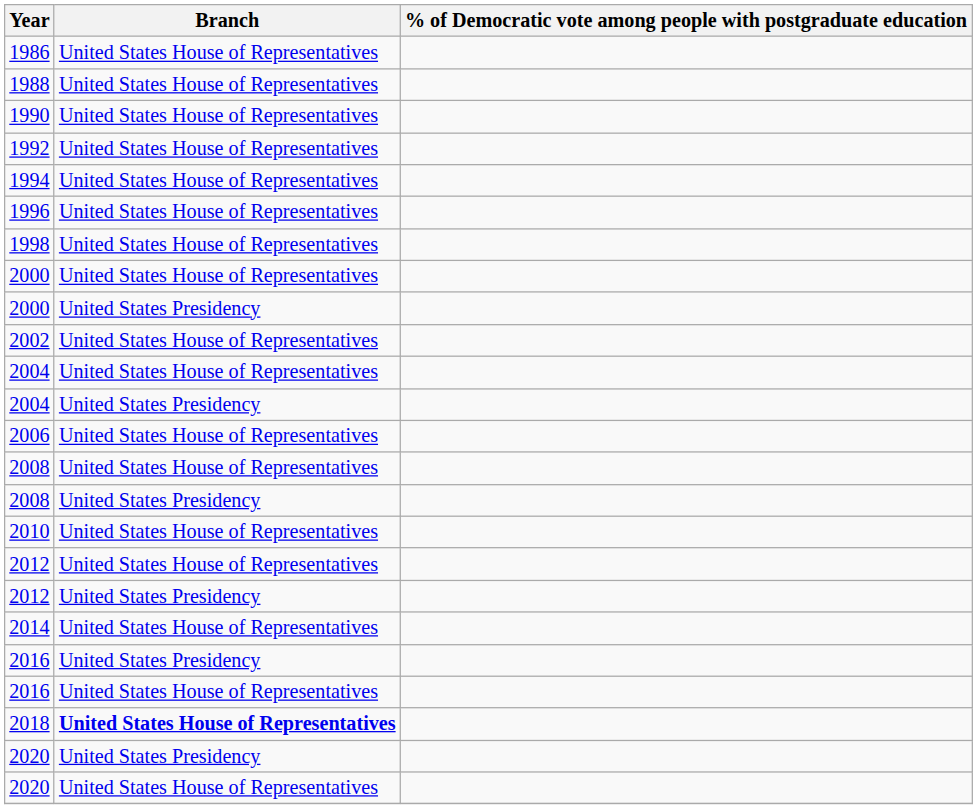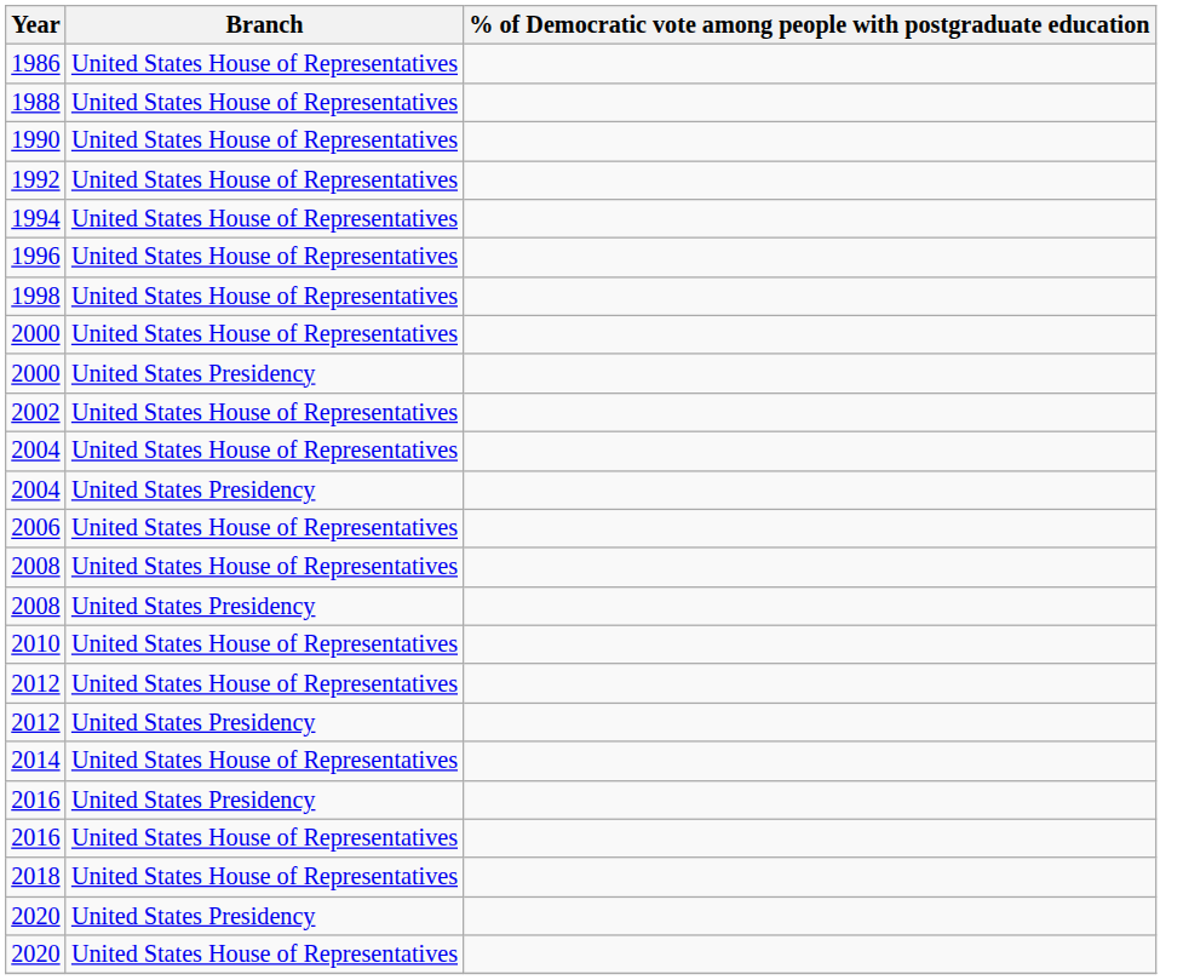 <table class="wikitable sortable collapsible">
 <tr>
 <th>Year</th>
 <th>Branch</th>
 <th colspan="2">% of Democratic vote among people with postgraduate education</th>
 </tr>
 <tr>
 <td><a href='#'>1986</a></td>
 <td><a href='#'>United States House of Representatives</a></td>
 <td align=right></td>
 </tr>
 <tr>
 <td><a href='#'>1988</a></td>
 <td><a href='#'>United States House of Representatives</a></td>
 <td align=right></td>
 </tr>
 <tr>
 <td><a href='#'>1990</a></td>
 <td><a href='#'>United States House of Representatives</a></td>
 <td align=right></td>
 </tr>
 <tr>
 <td><a href='#'>1992</a></td>
 <td><a href='#'>United States House of Representatives</a></td>
 <td align=right></td>
 </tr>
 <tr>
 <td><a href='#'>1994</a></td>
 <td><a href='#'>United States House of Representatives</a></td>
 <td align=right></td>
 </tr>
 <tr>
 <td><a href='#'>1996</a></td>
 <td><a href='#'>United States House of Representatives</a></td>
 <td align=right></td>
 </tr>
 <tr>
 <td><a href='#'>1998</a></td>
 <td><a href='#'>United States House of Representatives</a></td>
 <td align=right></td>
 </tr>
 <tr>
 <td><a href='#'>2000</a></td>
 <td><a href='#'>United States House of Representatives</a></td>
 <td align=right></td>
 </tr>
 <tr>
 <td><a href='#'>2000</a></td>
 <td><a href='#'>United States Presidency</a></td>
 <td align=right></td>
 </tr>
 <tr>
 <td><a href='#'>2002</a></td>
 <td><a href='#'>United States House of Representatives</a></td>
 <td align=right></td>
 </tr>
 <tr>
 <td><a href='#'>2004</a></td>
 <td><a href='#'>United States House of Representatives</a></td>
 <td align=right></td>
 </tr>
 <tr>
 <td><a href='#'>2004</a></td>
 <td><a href='#'>United States Presidency</a></td>
 <td align=right></td>
 </tr>
 <tr>
 <td><a href='#'>2006</a></td>
 <td><a href='#'>United States House of Representatives</a></td>
 <td align=right></td>
 </tr>
 <tr>
 <td><a href='#'>2008</a></td>
 <td><a href='#'>United States House of Representatives</a></td>
 <td align=right></td>
 </tr>
 <tr>
 <td><a href='#'>2008</a></td>
 <td><a href='#'>United States Presidency</a></td>
 <td align=right></td>
 </tr>
 <tr>
 <td><a href='#'>2010</a></td>
 <td><a href='#'>United States House of Representatives</a></td>
 <td align=right></td>
 </tr>
 <tr>
 <td><a href='#'>2012</a></td>
 <td><a href='#'>United States House of Representatives</a></td>
 <td align=right></td>
 </tr>
 <tr>
 <td><a href='#'>2012</a></td>
 <td><a href='#'>United States Presidency</a></td>
 <td align=right></td>
 </tr>
 <tr>
 <td><a href='#'>2014</a></td>
 <td><a href='#'>United States House of Representatives</a></td>
 <td align=right></td>
 </tr>
 <tr>
 <td><a href='#'>2016</a></td>
 <td><a href='#'>United States Presidency</a></td>
 <td align=right></td>
 </tr>
 <tr>
 <td><a href='#'>2016</a></td>
 <td><a href='#'>United States House of Representatives</a></td>
 <td align=right></td>
 </tr>
 <tr>
 <td><a href='#'>2018</a></td>
-<td><strong><a href='#'>United States House of Representatives</a></strong></td>
+<td><a href='#'>United States House of Representatives</a></td>
 <td align=right></td>
 </tr>
 <tr>
 <td><a href='#'>2020</a></td>
 <td><a href='#'>United States Presidency</a></td>
 <td align=right></td>
 </tr>
 <tr>
 <td><a href='#'>2020</a></td>
 <td><a href='#'>United States House of Representatives</a></td>
 <td align=right></td>
 </tr>
 <tr>
 </tr>
 </table>
